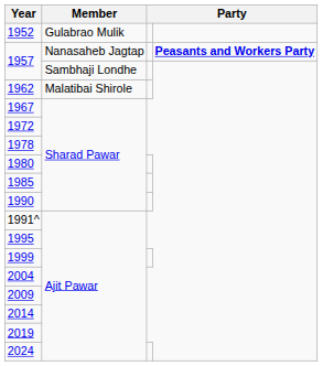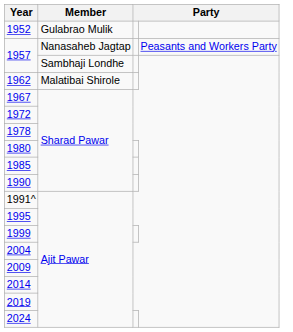 <table class="wikitable">
 <tr>
 <th>Year</th>
 <th>Member</th>
 <th colspan="2">Party</th>
 </tr>
 <tr>
 <td><a href='#'>1952</a></td>
 <td>Gulabrao Mulik</td>
 <td></td>
 </tr>
 <tr>
 <td rowspan="2"><a href='#'>1957</a></td>
 <td>Nanasaheb Jagtap</td>
 <td style="background-color: "></td>
-<td><strong><a href='#'>Peasants and Workers Party</a></strong></td>
+<td><a href='#'>Peasants and Workers Party</a></td>
 </tr>
 <tr>
 <td>Sambhaji Londhe</td>
 <td></td>
 </tr>
 <tr>
 <td><a href='#'>1962</a></td>
 <td>Malatibai Shirole</td>
 <td></td>
 </tr>
 <tr>
 <td><a href='#'>1967</a></td>
 <td rowspan="6"><a href='#'>Sharad Pawar</a></td>
 </tr>
 <tr>
 <td><a href='#'>1972</a></td>
 </tr>
 <tr>
 <td><a href='#'>1978</a></td>
 </tr>
 <tr>
 <td><a href='#'>1980</a></td>
 <td></td>
 </tr>
 <tr>
 <td><a href='#'>1985</a></td>
 <td></td>
 </tr>
 <tr>
 <td><a href='#'>1990</a></td>
 <td></td>
 </tr>
 <tr>
 <td>1991^</td>
 <td rowspan="8"><a href='#'>Ajit Pawar</a></td>
 </tr>
 <tr>
 <td><a href='#'>1995</a></td>
 </tr>
 <tr>
 <td><a href='#'>1999</a></td>
 <td></td>
 </tr>
 <tr>
 <td><a href='#'>2004</a></td>
 </tr>
 <tr>
 <td><a href='#'>2009</a></td>
 </tr>
 <tr>
 <td><a href='#'>2014</a></td>
 </tr>
 <tr>
 <td><a href='#'>2019</a></td>
 </tr>
 <tr>
 <td><a href='#'>2024</a></td>
 <td></td>
 </tr>
 </table>
